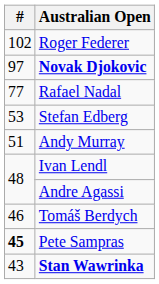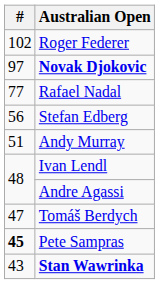 <table class="wikitable" style="display:inline-table;">
 <tr>
 <th>#</th>
 <th>Australian Open</th>
 </tr>
 <tr>
 <td>102</td>
 <td> <a href='#'>Roger Federer</a></td>
 </tr>
 <tr>
 <td>97</td>
 <td> <strong><a href='#'>Novak Djokovic</a></strong></td>
 </tr>
 <tr>
 <td>77</td>
 <td> <a href='#'>Rafael Nadal</a></td>
 </tr>
 <tr>
-<td>53</td>
+<td>56</td>
 <td> <a href='#'>Stefan Edberg</a></td>
 </tr>
 <tr>
 <td>51</td>
 <td> <a href='#'>Andy Murray</a></td>
 </tr>
 <tr>
 <td rowspan="2">48</td>
 <td> <a href='#'>Ivan Lendl</a></td>
 </tr>
 <tr>
 <td> <a href='#'>Andre Agassi</a></td>
 </tr>
 <tr>
-<td>46</td>
+<td>47</td>
 <td> <a href='#'>Tomáš Berdych</a></td>
 </tr>
 <tr>
 <td><strong>45</strong></td>
 <td> <a href='#'>Pete Sampras</a></td>
 </tr>
 <tr>
 <td>43</td>
 <td> <strong><a href='#'>Stan Wawrinka</a></strong></td>
 </tr>
 </table>
